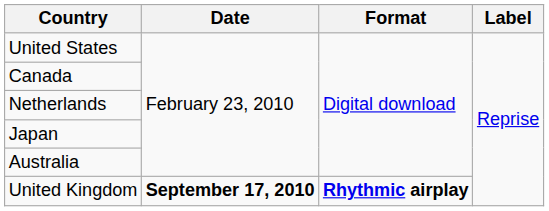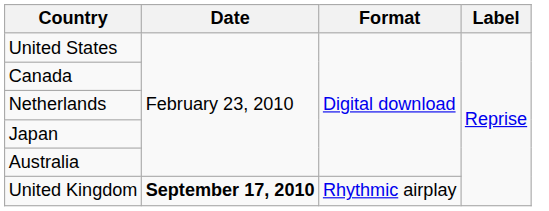 <table class="wikitable">
 <tr>
 <th>Country</th>
 <th>Date</th>
 <th>Format</th>
 <th>Label</th>
 </tr>
 <tr>
 <td>United States</td>
 <td rowspan="5">February 23, 2010</td>
 <td rowspan="5"><a href='#'>Digital download</a></td>
 <td rowspan="6"><a href='#'>Reprise</a></td>
 </tr>
 <tr>
 <td>Canada</td>
 </tr>
 <tr>
 <td>Netherlands</td>
 </tr>
 <tr>
 <td>Japan</td>
 </tr>
 <tr>
 <td>Australia</td>
 </tr>
 <tr>
 <td>United Kingdom</td>
 <td><strong>September 17, 2010</strong></td>
-<td><strong><a href='#'>Rhythmic</a> airplay</strong></td>
+<td><a href='#'>Rhythmic</a> airplay</td>
 </tr>
 </table>
